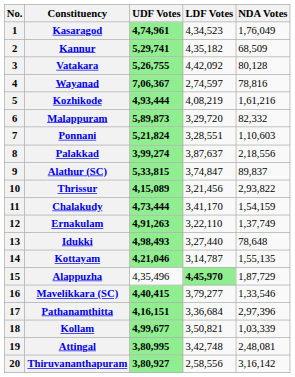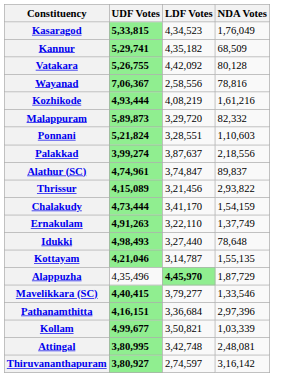 <table class="wikitable sortable mw-collapsible" style="font-size:95%;">
 <tr>
-<th>No.</th>
 <th>Constituency</th>
 <th style="background:">UDF Votes</th>
 <th style="background:">LDF Votes</th>
 <th style="background:">NDA Votes</th>
 </tr>
 <tr>
-<th>1</th>
 <th style="background-color: "><a href='#'><span>Kasaragod</span></a></th>
-<td style="background:lightgreen;"><strong>4,74,961</strong></td>
+<td style="background:lightgreen;"><strong>5,33,815</strong></td>
 <td>4,34,523</td>
 <td>1,76,049</td>
 </tr>
 <tr>
-<th>2</th>
 <th style="background-color: "><a href='#'><span>Kannur</span></a></th>
 <td style="background:lightgreen;"><strong>5,29,741</strong></td>
 <td>4,35,182</td>
 <td>68,509</td>
 </tr>
 <tr>
-<th>3</th>
 <th style="background-color: "><a href='#'><span>Vatakara</span></a></th>
 <td style="background:lightgreen;"><strong>5,26,755</strong></td>
 <td>4,42,092</td>
 <td>80,128</td>
 </tr>
 <tr>
-<th>4</th>
 <th style="background-color: "><a href='#'><span>Wayanad</span></a></th>
 <td style="background:lightgreen;"><strong>7,06,367</strong></td>
-<td>2,74,597</td>
+<td>2,58,556</td>
 <td>78,816</td>
 </tr>
 <tr>
-<th>5</th>
 <th style="background-color: "><a href='#'><span>Kozhikode</span></a></th>
 <td style="background:lightgreen;"><strong>4,93,444</strong></td>
 <td>4,08,219</td>
 <td>1,61,216</td>
 </tr>
 <tr>
-<th>6</th>
 <th style="background-color: "><a href='#'><span>Malappuram</span></a></th>
 <td style="background:lightgreen;"><strong>5,89,873</strong></td>
 <td>3,29,720</td>
 <td>82,332</td>
 </tr>
 <tr>
-<th>7</th>
 <th style="background-color: "><a href='#'><span>Ponnani</span></a></th>
 <td style="background:lightgreen;"><strong>5,21,824</strong></td>
 <td>3,28,551</td>
 <td>1,10,603</td>
 </tr>
 <tr>
-<th>8</th>
 <th style="background-color: "><a href='#'><span>Palakkad</span></a></th>
 <td style="background:lightgreen;"><strong>3,99,274</strong></td>
 <td>3,87,637</td>
 <td>2,18,556</td>
 </tr>
 <tr>
-<th>9</th>
 <th style="background-color: "><a href='#'><span>Alathur (SC)</span></a></th>
-<td style="background:lightgreen;"><strong>5,33,815</strong></td>
+<td style="background:lightgreen;"><strong>4,74,961</strong></td>
 <td>3,74,847</td>
 <td>89,837</td>
 </tr>
 <tr>
-<th>10</th>
 <th style="background-color: "><a href='#'><span>Thrissur</span></a></th>
 <td style="background:lightgreen;"><strong>4,15,089</strong></td>
 <td>3,21,456</td>
 <td>2,93,822</td>
 </tr>
 <tr>
-<th>11</th>
 <th style="background-color: "><a href='#'><span>Chalakudy</span></a></th>
 <td style="background:lightgreen;"><strong>4,73,444</strong></td>
 <td>3,41,170</td>
 <td>1,54,159</td>
 </tr>
 <tr>
-<th>12</th>
 <th style="background-color: "><a href='#'><span>Ernakulam</span></a></th>
 <td style="background:lightgreen;"><strong>4,91,263</strong></td>
 <td>3,22,110</td>
 <td>1,37,749</td>
 </tr>
 <tr>
-<th>13</th>
 <th style="background-color: "><a href='#'><span>Idukki</span></a></th>
 <td style="background:lightgreen;"><strong>4,98,493</strong></td>
 <td>3,27,440</td>
 <td>78,648</td>
 </tr>
 <tr>
-<th>14</th>
 <th style="background-color: "><a href='#'><span>Kottayam</span></a></th>
 <td style="background:lightgreen;"><strong>4,21,046</strong></td>
 <td>3,14,787</td>
 <td>1,55,135</td>
 </tr>
 <tr>
-<th>15</th>
 <th style="background-color: "><a href='#'><span>Alappuzha</span></a></th>
 <td>4,35,496</td>
 <td style="background:lightgreen;"><strong>4,45,970</strong></td>
 <td>1,87,729</td>
 </tr>
 <tr>
-<th>16</th>
 <th style="background-color: "><a href='#'><span>Mavelikkara (SC)</span></a></th>
 <td style="background:lightgreen;"><strong>4,40,415</strong></td>
 <td>3,79,277</td>
 <td>1,33,546</td>
 </tr>
 <tr>
-<th>17</th>
 <th style="background-color: "><a href='#'><span>Pathanamthitta</span></a></th>
 <td style="background:lightgreen;"><strong>4,16,151</strong></td>
 <td>3,36,684</td>
 <td>2,97,396</td>
 </tr>
 <tr>
-<th>18</th>
 <th style="background-color: "><a href='#'><span>Kollam</span></a></th>
 <td style="background:lightgreen;"><strong>4,99,677</strong></td>
 <td>3,50,821</td>
 <td>1,03,339</td>
 </tr>
 <tr>
-<th>19</th>
 <th style="background-color: "><a href='#'><span>Attingal</span></a></th>
 <td style="background:lightgreen;"><strong>3,80,995</strong></td>
 <td>3,42,748</td>
 <td>2,48,081</td>
 </tr>
 <tr>
-<th>20</th>
 <th style="background-color: "><a href='#'><span>Thiruvananthapuram</span></a></th>
 <td style="background:lightgreen;"><strong>3,80,927</strong></td>
-<td>2,58,556</td>
+<td>2,74,597</td>
 <td>3,16,142</td>
 </tr>
 </table>
